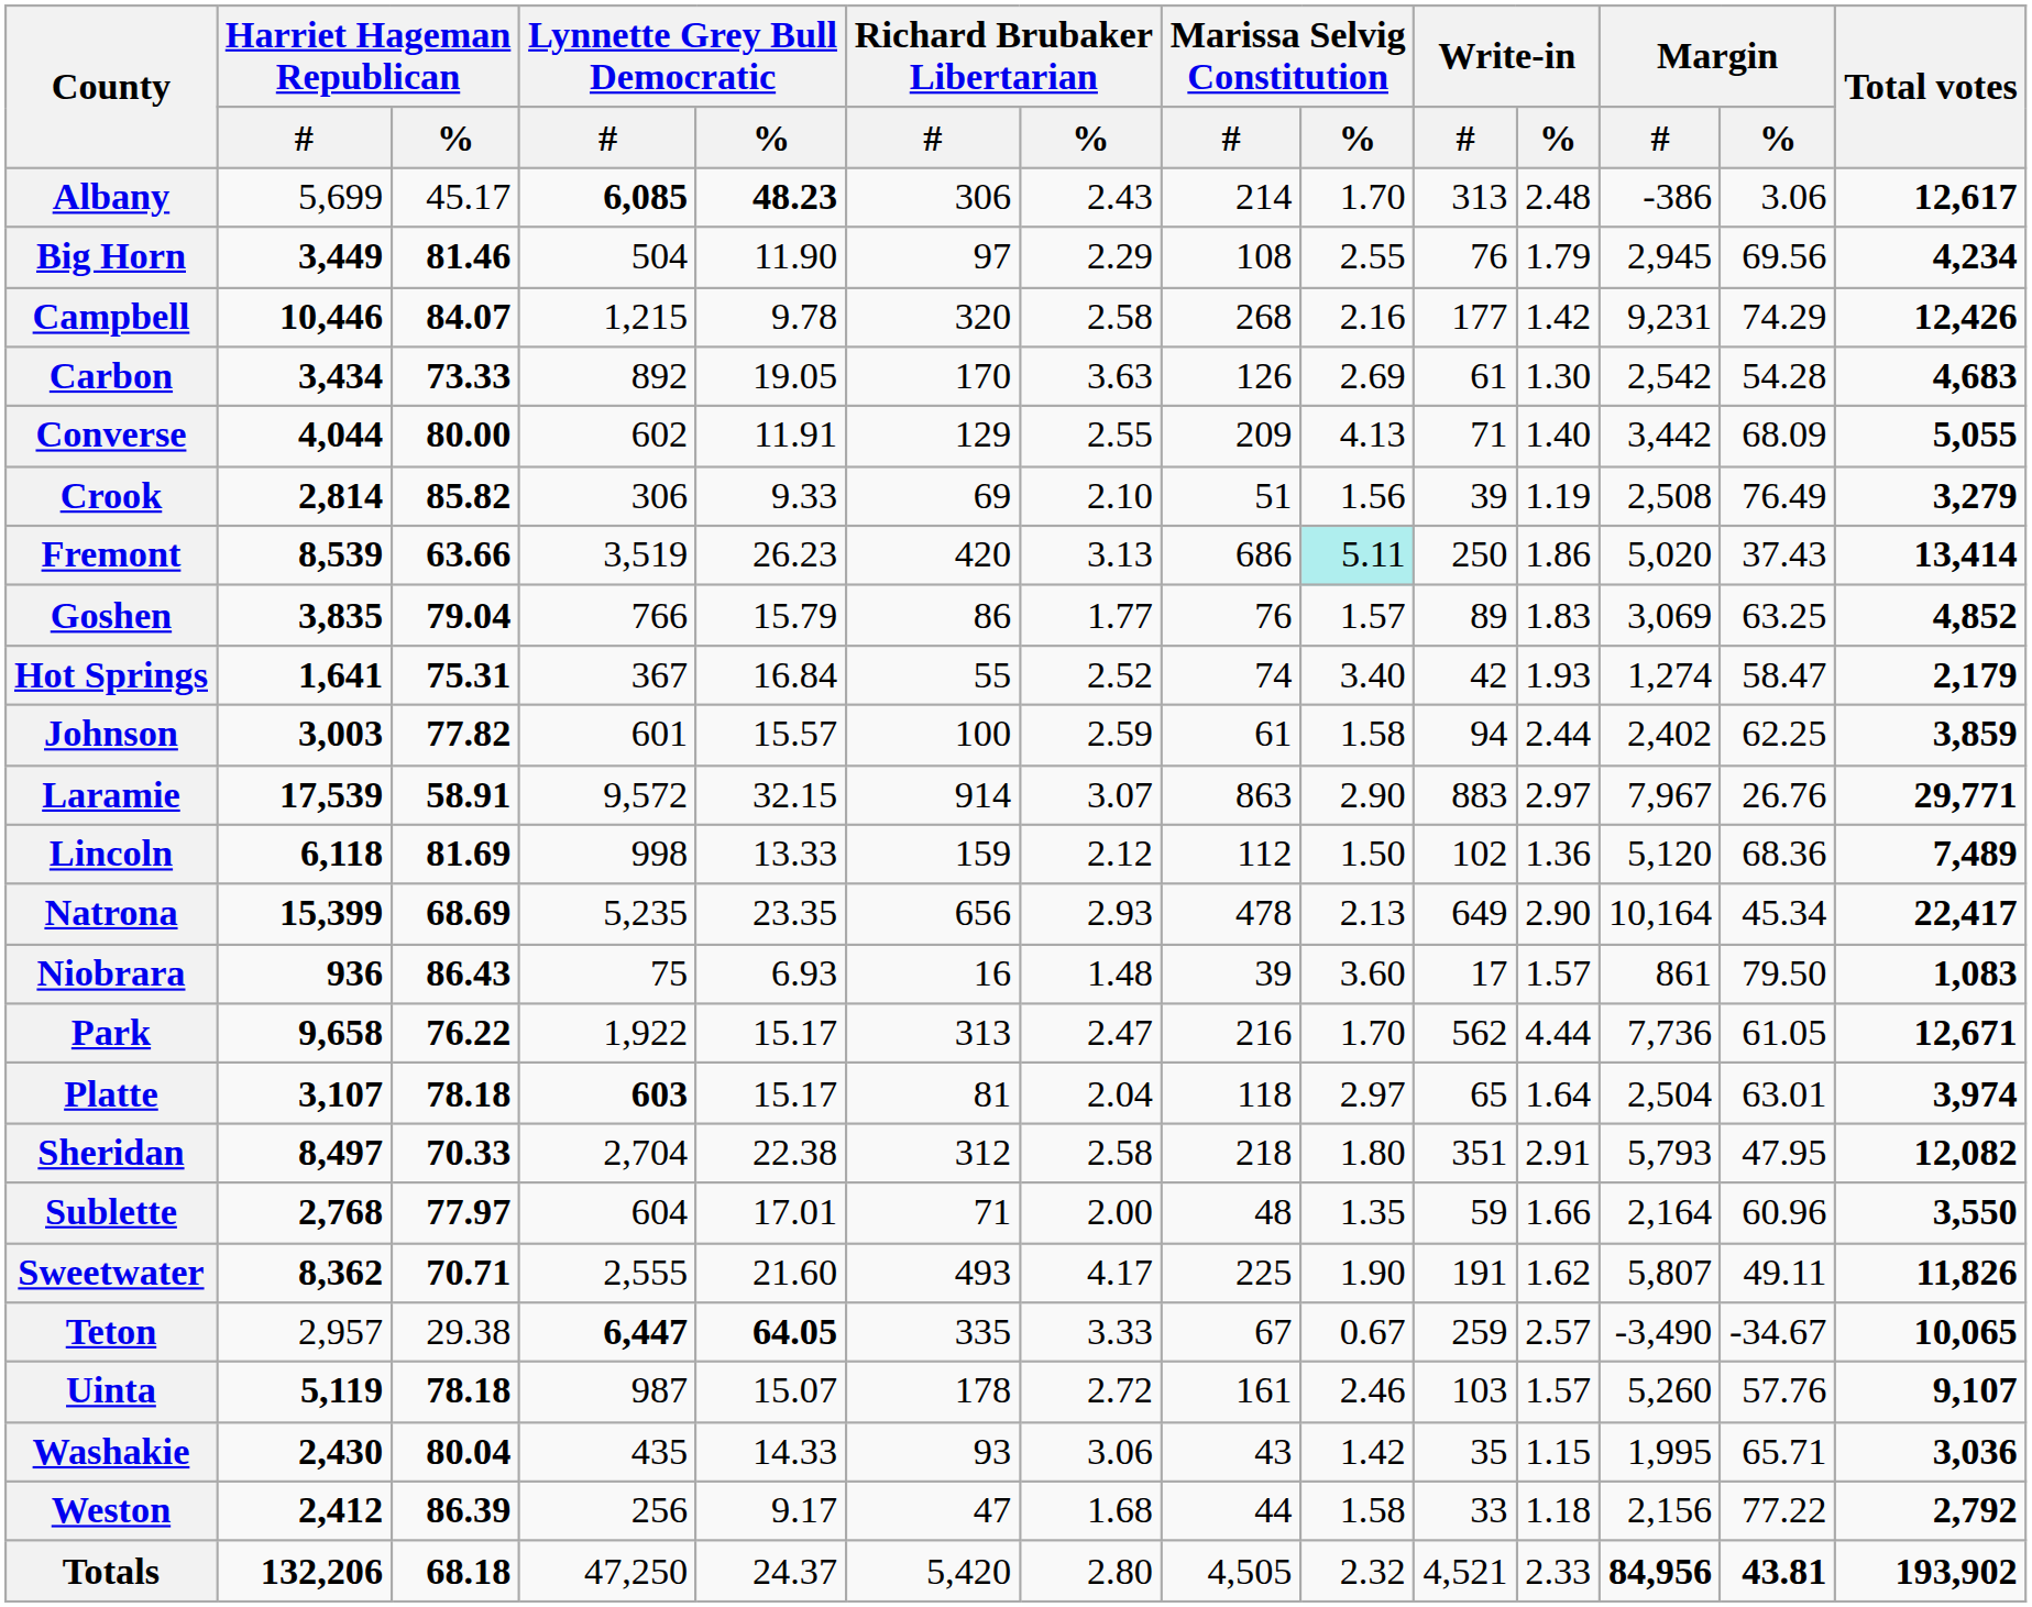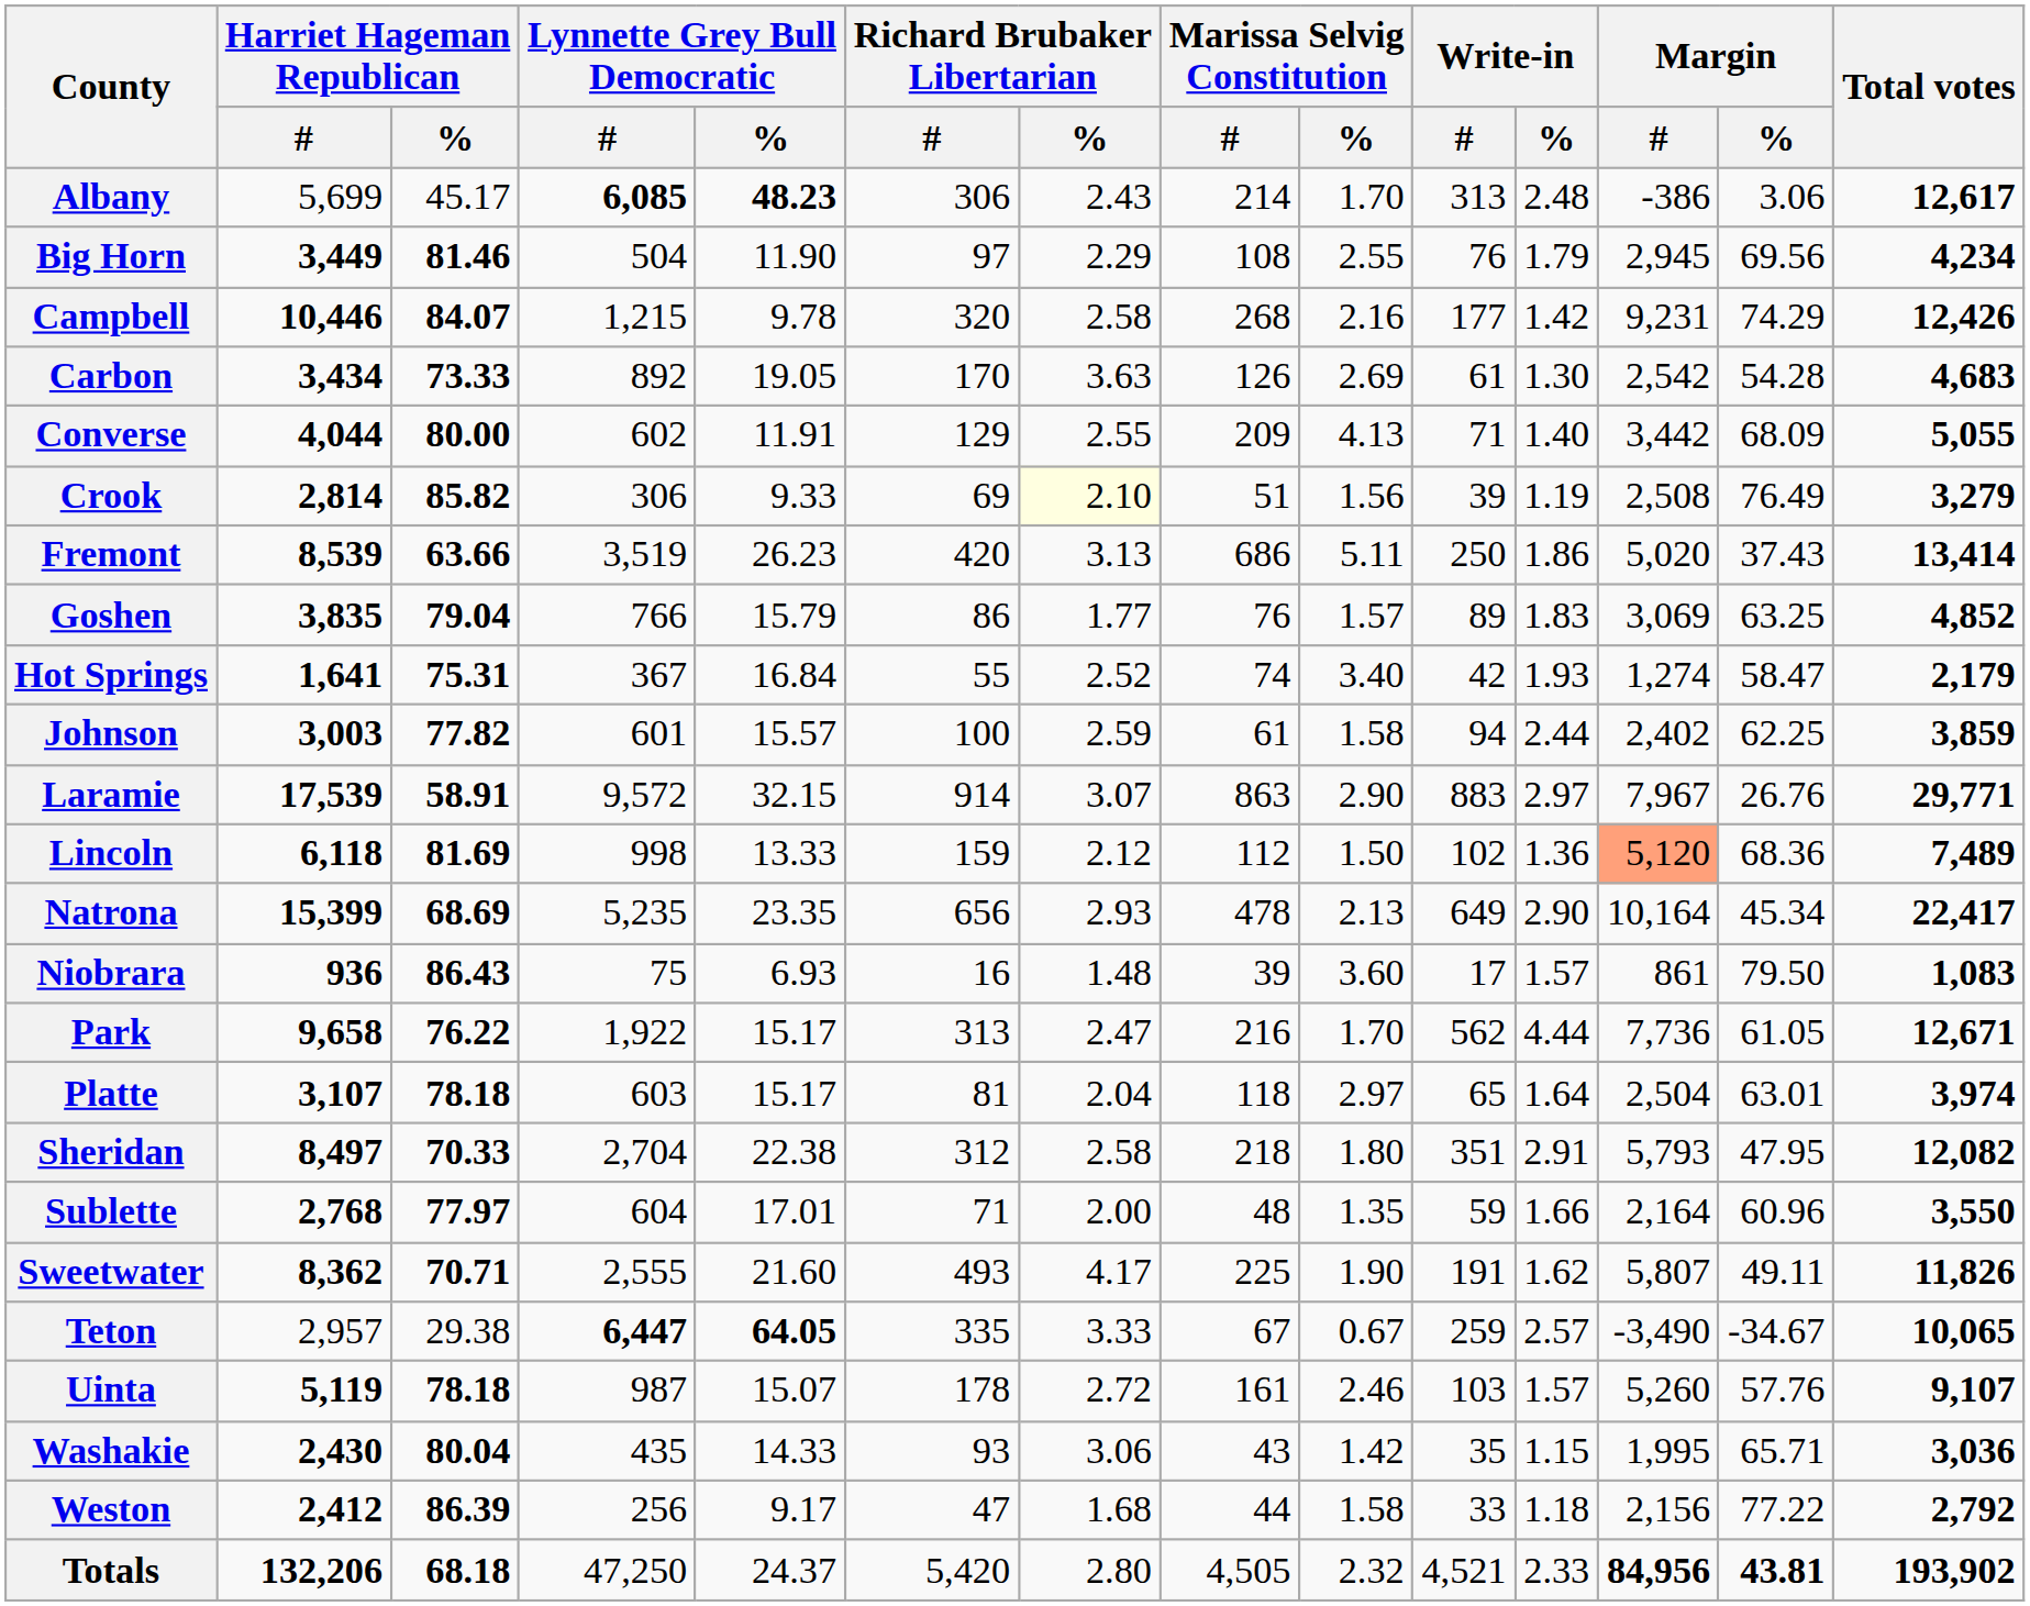 <table class="wikitable sortable"  style="text-align:right">
 <tr>
 <th rowspan="2">County</th>
 <th colspan="2"><a href='#'>Harriet Hageman</a><br><a href='#'>Republican</a></th>
 <th colspan="2"><a href='#'>Lynnette Grey Bull</a><br><a href='#'>Democratic</a></th>
 <th colspan="2">Richard Brubaker<br><a href='#'>Libertarian</a></th>
 <th colspan="2">Marissa Selvig<br><a href='#'>Constitution</a></th>
 <th colspan="2">Write-in</th>
 <th colspan="2">Margin</th>
 <th rowspan="2">Total votes</th>
 </tr>
 <tr>
 <th data-sort-type="number" style="text-align:center;">#</th>
 <th data-sort-type="number" style="text-align:center;">%</th>
 <th data-sort-type="number" style="text-align:center;">#</th>
 <th data-sort-type="number" style="text-align:center;">%</th>
 <th data-sort-type="number" style="text-align:center;">#</th>
 <th data-sort-type="number" style="text-align:center;">%</th>
 <th data-sort-type="number" style="text-align:center;">#</th>
 <th data-sort-type="number" style="text-align:center;">%</th>
 <th data-sort-type="number" style="text-align:center;">#</th>
 <th data-sort-type="number" style="text-align:center;">%</th>
 <th data-sort-type="number" style="text-align:center;">#</th>
 <th data-sort-type="number" style="text-align:center;">%</th>
 </tr>
 <tr>
 <th><a href='#'>Albany</a></th>
 <td>5,699</td>
 <td>45.17</td>
 <td><strong>6,085</strong></td>
 <td><strong>48.23</strong></td>
 <td>306</td>
 <td>2.43</td>
 <td>214</td>
 <td>1.70</td>
 <td>313</td>
 <td>2.48</td>
 <td>-386</td>
 <td>3.06</td>
 <td><strong>12,617</strong></td>
 </tr>
 <tr>
 <th><a href='#'>Big Horn</a></th>
 <td><strong>3,449</strong></td>
 <td><strong>81.46</strong></td>
 <td>504</td>
 <td>11.90</td>
 <td>97</td>
 <td>2.29</td>
 <td>108</td>
 <td>2.55</td>
 <td>76</td>
 <td>1.79</td>
 <td>2,945</td>
 <td>69.56</td>
 <td><strong>4,234</strong></td>
 </tr>
 <tr>
 <th><a href='#'>Campbell</a></th>
 <td><strong>10,446</strong></td>
 <td><strong>84.07</strong></td>
 <td>1,215</td>
 <td>9.78</td>
 <td>320</td>
 <td>2.58</td>
 <td>268</td>
 <td>2.16</td>
 <td>177</td>
 <td>1.42</td>
 <td>9,231</td>
 <td>74.29</td>
 <td><strong>12,426</strong></td>
 </tr>
 <tr>
 <th><a href='#'>Carbon</a></th>
 <td><strong>3,434</strong></td>
 <td><strong>73.33</strong></td>
 <td>892</td>
 <td>19.05</td>
 <td>170</td>
 <td>3.63</td>
 <td>126</td>
 <td>2.69</td>
 <td>61</td>
 <td>1.30</td>
 <td>2,542</td>
 <td>54.28</td>
 <td><strong>4,683</strong></td>
 </tr>
 <tr>
 <th><a href='#'>Converse</a></th>
 <td><strong>4,044</strong></td>
 <td><strong>80.00</strong></td>
 <td>602</td>
 <td>11.91</td>
 <td>129</td>
 <td>2.55</td>
 <td>209</td>
 <td>4.13</td>
 <td>71</td>
 <td>1.40</td>
 <td>3,442</td>
 <td>68.09</td>
 <td><strong>5,055</strong></td>
 </tr>
 <tr>
 <th><a href='#'>Crook</a></th>
 <td><strong>2,814</strong></td>
 <td><strong>85.82</strong></td>
 <td>306</td>
 <td>9.33</td>
 <td>69</td>
-<td>2.10</td>
+<td style="background: lightyellow;">2.10</td>
 <td>51</td>
 <td>1.56</td>
 <td>39</td>
 <td>1.19</td>
 <td>2,508</td>
 <td>76.49</td>
 <td><strong>3,279</strong></td>
 </tr>
 <tr>
 <th><a href='#'>Fremont</a></th>
 <td><strong>8,539</strong></td>
 <td><strong>63.66</strong></td>
 <td>3,519</td>
 <td>26.23</td>
 <td>420</td>
 <td>3.13</td>
 <td>686</td>
-<td style="background: paleturquoise;">5.11</td>
+<td>5.11</td>
 <td>250</td>
 <td>1.86</td>
 <td>5,020</td>
 <td>37.43</td>
 <td><strong>13,414</strong></td>
 </tr>
 <tr>
 <th><a href='#'>Goshen</a></th>
 <td><strong>3,835</strong></td>
 <td><strong>79.04</strong></td>
 <td>766</td>
 <td>15.79</td>
 <td>86</td>
 <td>1.77</td>
 <td>76</td>
 <td>1.57</td>
 <td>89</td>
 <td>1.83</td>
 <td>3,069</td>
 <td>63.25</td>
 <td><strong>4,852</strong></td>
 </tr>
 <tr>
 <th><a href='#'>Hot Springs</a></th>
 <td><strong>1,641</strong></td>
 <td><strong>75.31</strong></td>
 <td>367</td>
 <td>16.84</td>
 <td>55</td>
 <td>2.52</td>
 <td>74</td>
 <td>3.40</td>
 <td>42</td>
 <td>1.93</td>
 <td>1,274</td>
 <td>58.47</td>
 <td><strong>2,179</strong></td>
 </tr>
 <tr>
 <th><a href='#'>Johnson</a></th>
 <td><strong>3,003</strong></td>
 <td><strong>77.82</strong></td>
 <td>601</td>
 <td>15.57</td>
 <td>100</td>
 <td>2.59</td>
 <td>61</td>
 <td>1.58</td>
 <td>94</td>
 <td>2.44</td>
 <td>2,402</td>
 <td>62.25</td>
 <td><strong>3,859</strong></td>
 </tr>
 <tr>
 <th><a href='#'>Laramie</a></th>
 <td><strong>17,539</strong></td>
 <td><strong>58.91</strong></td>
 <td>9,572</td>
 <td>32.15</td>
 <td>914</td>
 <td>3.07</td>
 <td>863</td>
 <td>2.90</td>
 <td>883</td>
 <td>2.97</td>
 <td>7,967</td>
 <td>26.76</td>
 <td><strong>29,771</strong></td>
 </tr>
 <tr>
 <th><a href='#'>Lincoln</a></th>
 <td><strong>6,118</strong></td>
 <td><strong>81.69</strong></td>
 <td>998</td>
 <td>13.33</td>
 <td>159</td>
 <td>2.12</td>
 <td>112</td>
 <td>1.50</td>
 <td>102</td>
 <td>1.36</td>
-<td>5,120</td>
+<td style="background: lightsalmon;">5,120</td>
 <td>68.36</td>
 <td><strong>7,489</strong></td>
 </tr>
 <tr>
 <th><a href='#'>Natrona</a></th>
 <td><strong>15,399</strong></td>
 <td><strong>68.69</strong></td>
 <td>5,235</td>
 <td>23.35</td>
 <td>656</td>
 <td>2.93</td>
 <td>478</td>
 <td>2.13</td>
 <td>649</td>
 <td>2.90</td>
 <td>10,164</td>
 <td>45.34</td>
 <td><strong>22,417</strong></td>
 </tr>
 <tr>
 <th><a href='#'>Niobrara</a></th>
 <td><strong>936</strong></td>
 <td><strong>86.43</strong></td>
 <td>75</td>
 <td>6.93</td>
 <td>16</td>
 <td>1.48</td>
 <td>39</td>
 <td>3.60</td>
 <td>17</td>
 <td>1.57</td>
 <td>861</td>
 <td>79.50</td>
 <td><strong>1,083</strong></td>
 </tr>
 <tr>
 <th><a href='#'>Park</a></th>
 <td><strong>9,658</strong></td>
 <td><strong>76.22</strong></td>
 <td>1,922</td>
 <td>15.17</td>
 <td>313</td>
 <td>2.47</td>
 <td>216</td>
 <td>1.70</td>
 <td>562</td>
 <td>4.44</td>
 <td>7,736</td>
 <td>61.05</td>
 <td><strong>12,671</strong></td>
 </tr>
 <tr>
 <th><a href='#'>Platte</a></th>
 <td><strong>3,107</strong></td>
 <td><strong>78.18</strong></td>
-<td><strong>603</strong></td>
+<td>603</td>
 <td>15.17</td>
 <td>81</td>
 <td>2.04</td>
 <td>118</td>
 <td>2.97</td>
 <td>65</td>
 <td>1.64</td>
 <td>2,504</td>
 <td>63.01</td>
 <td><strong>3,974</strong></td>
 </tr>
 <tr>
 <th><a href='#'>Sheridan</a></th>
 <td><strong>8,497</strong></td>
 <td><strong>70.33</strong></td>
 <td>2,704</td>
 <td>22.38</td>
 <td>312</td>
 <td>2.58</td>
 <td>218</td>
 <td>1.80</td>
 <td>351</td>
 <td>2.91</td>
 <td>5,793</td>
 <td>47.95</td>
 <td><strong>12,082</strong></td>
 </tr>
 <tr>
 <th><a href='#'>Sublette</a></th>
 <td><strong>2,768</strong></td>
 <td><strong>77.97</strong></td>
 <td>604</td>
 <td>17.01</td>
 <td>71</td>
 <td>2.00</td>
 <td>48</td>
 <td>1.35</td>
 <td>59</td>
 <td>1.66</td>
 <td>2,164</td>
 <td>60.96</td>
 <td><strong>3,550</strong></td>
 </tr>
 <tr>
 <th><a href='#'>Sweetwater</a></th>
 <td><strong>8,362</strong></td>
 <td><strong>70.71</strong></td>
 <td>2,555</td>
 <td>21.60</td>
 <td>493</td>
 <td>4.17</td>
 <td>225</td>
 <td>1.90</td>
 <td>191</td>
 <td>1.62</td>
 <td>5,807</td>
 <td>49.11</td>
 <td><strong>11,826</strong></td>
 </tr>
 <tr>
 <th><a href='#'>Teton</a></th>
 <td>2,957</td>
 <td>29.38</td>
 <td><strong>6,447</strong></td>
 <td><strong>64.05</strong></td>
 <td>335</td>
 <td>3.33</td>
 <td>67</td>
 <td>0.67</td>
 <td>259</td>
 <td>2.57</td>
 <td>-3,490</td>
 <td>-34.67</td>
 <td><strong>10,065</strong></td>
 </tr>
 <tr>
 <th><a href='#'>Uinta</a></th>
 <td><strong>5,119</strong></td>
 <td><strong>78.18</strong></td>
 <td>987</td>
 <td>15.07</td>
 <td>178</td>
 <td>2.72</td>
 <td>161</td>
 <td>2.46</td>
 <td>103</td>
 <td>1.57</td>
 <td>5,260</td>
 <td>57.76</td>
 <td><strong>9,107</strong></td>
 </tr>
 <tr>
 <th><a href='#'>Washakie</a></th>
 <td><strong>2,430</strong></td>
 <td><strong>80.04</strong></td>
 <td>435</td>
 <td>14.33</td>
 <td>93</td>
 <td>3.06</td>
 <td>43</td>
 <td>1.42</td>
 <td>35</td>
 <td>1.15</td>
 <td>1,995</td>
 <td>65.71</td>
 <td><strong>3,036</strong></td>
 </tr>
 <tr>
 <th><a href='#'>Weston</a></th>
 <td><strong>2,412</strong></td>
 <td><strong>86.39</strong></td>
 <td>256</td>
 <td>9.17</td>
 <td>47</td>
 <td>1.68</td>
 <td>44</td>
 <td>1.58</td>
 <td>33</td>
 <td>1.18</td>
 <td>2,156</td>
 <td>77.22</td>
 <td><strong>2,792</strong></td>
 </tr>
 <tr>
 <th class=sortbottom>Totals</th>
 <td><strong>132,206</strong></td>
 <td><strong>68.18</strong></td>
 <td>47,250</td>
 <td>24.37</td>
 <td>5,420</td>
 <td>2.80</td>
 <td>4,505</td>
 <td>2.32</td>
 <td>4,521</td>
 <td>2.33</td>
 <td><strong>84,956</strong></td>
 <td><strong>43.81</strong></td>
 <td><strong>193,902</strong></td>
 </tr>
 </table>
